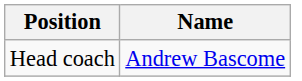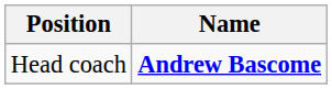 <table class="wikitable">
 <tr>
 <th>Position</th>
 <th>Name</th>
 </tr>
 <tr>
 <td>Head coach</td>
-<td> <a href='#'>Andrew Bascome</a></td>
+<td><strong> <a href='#'>Andrew Bascome</a></strong></td>
 </tr>
 </table>
